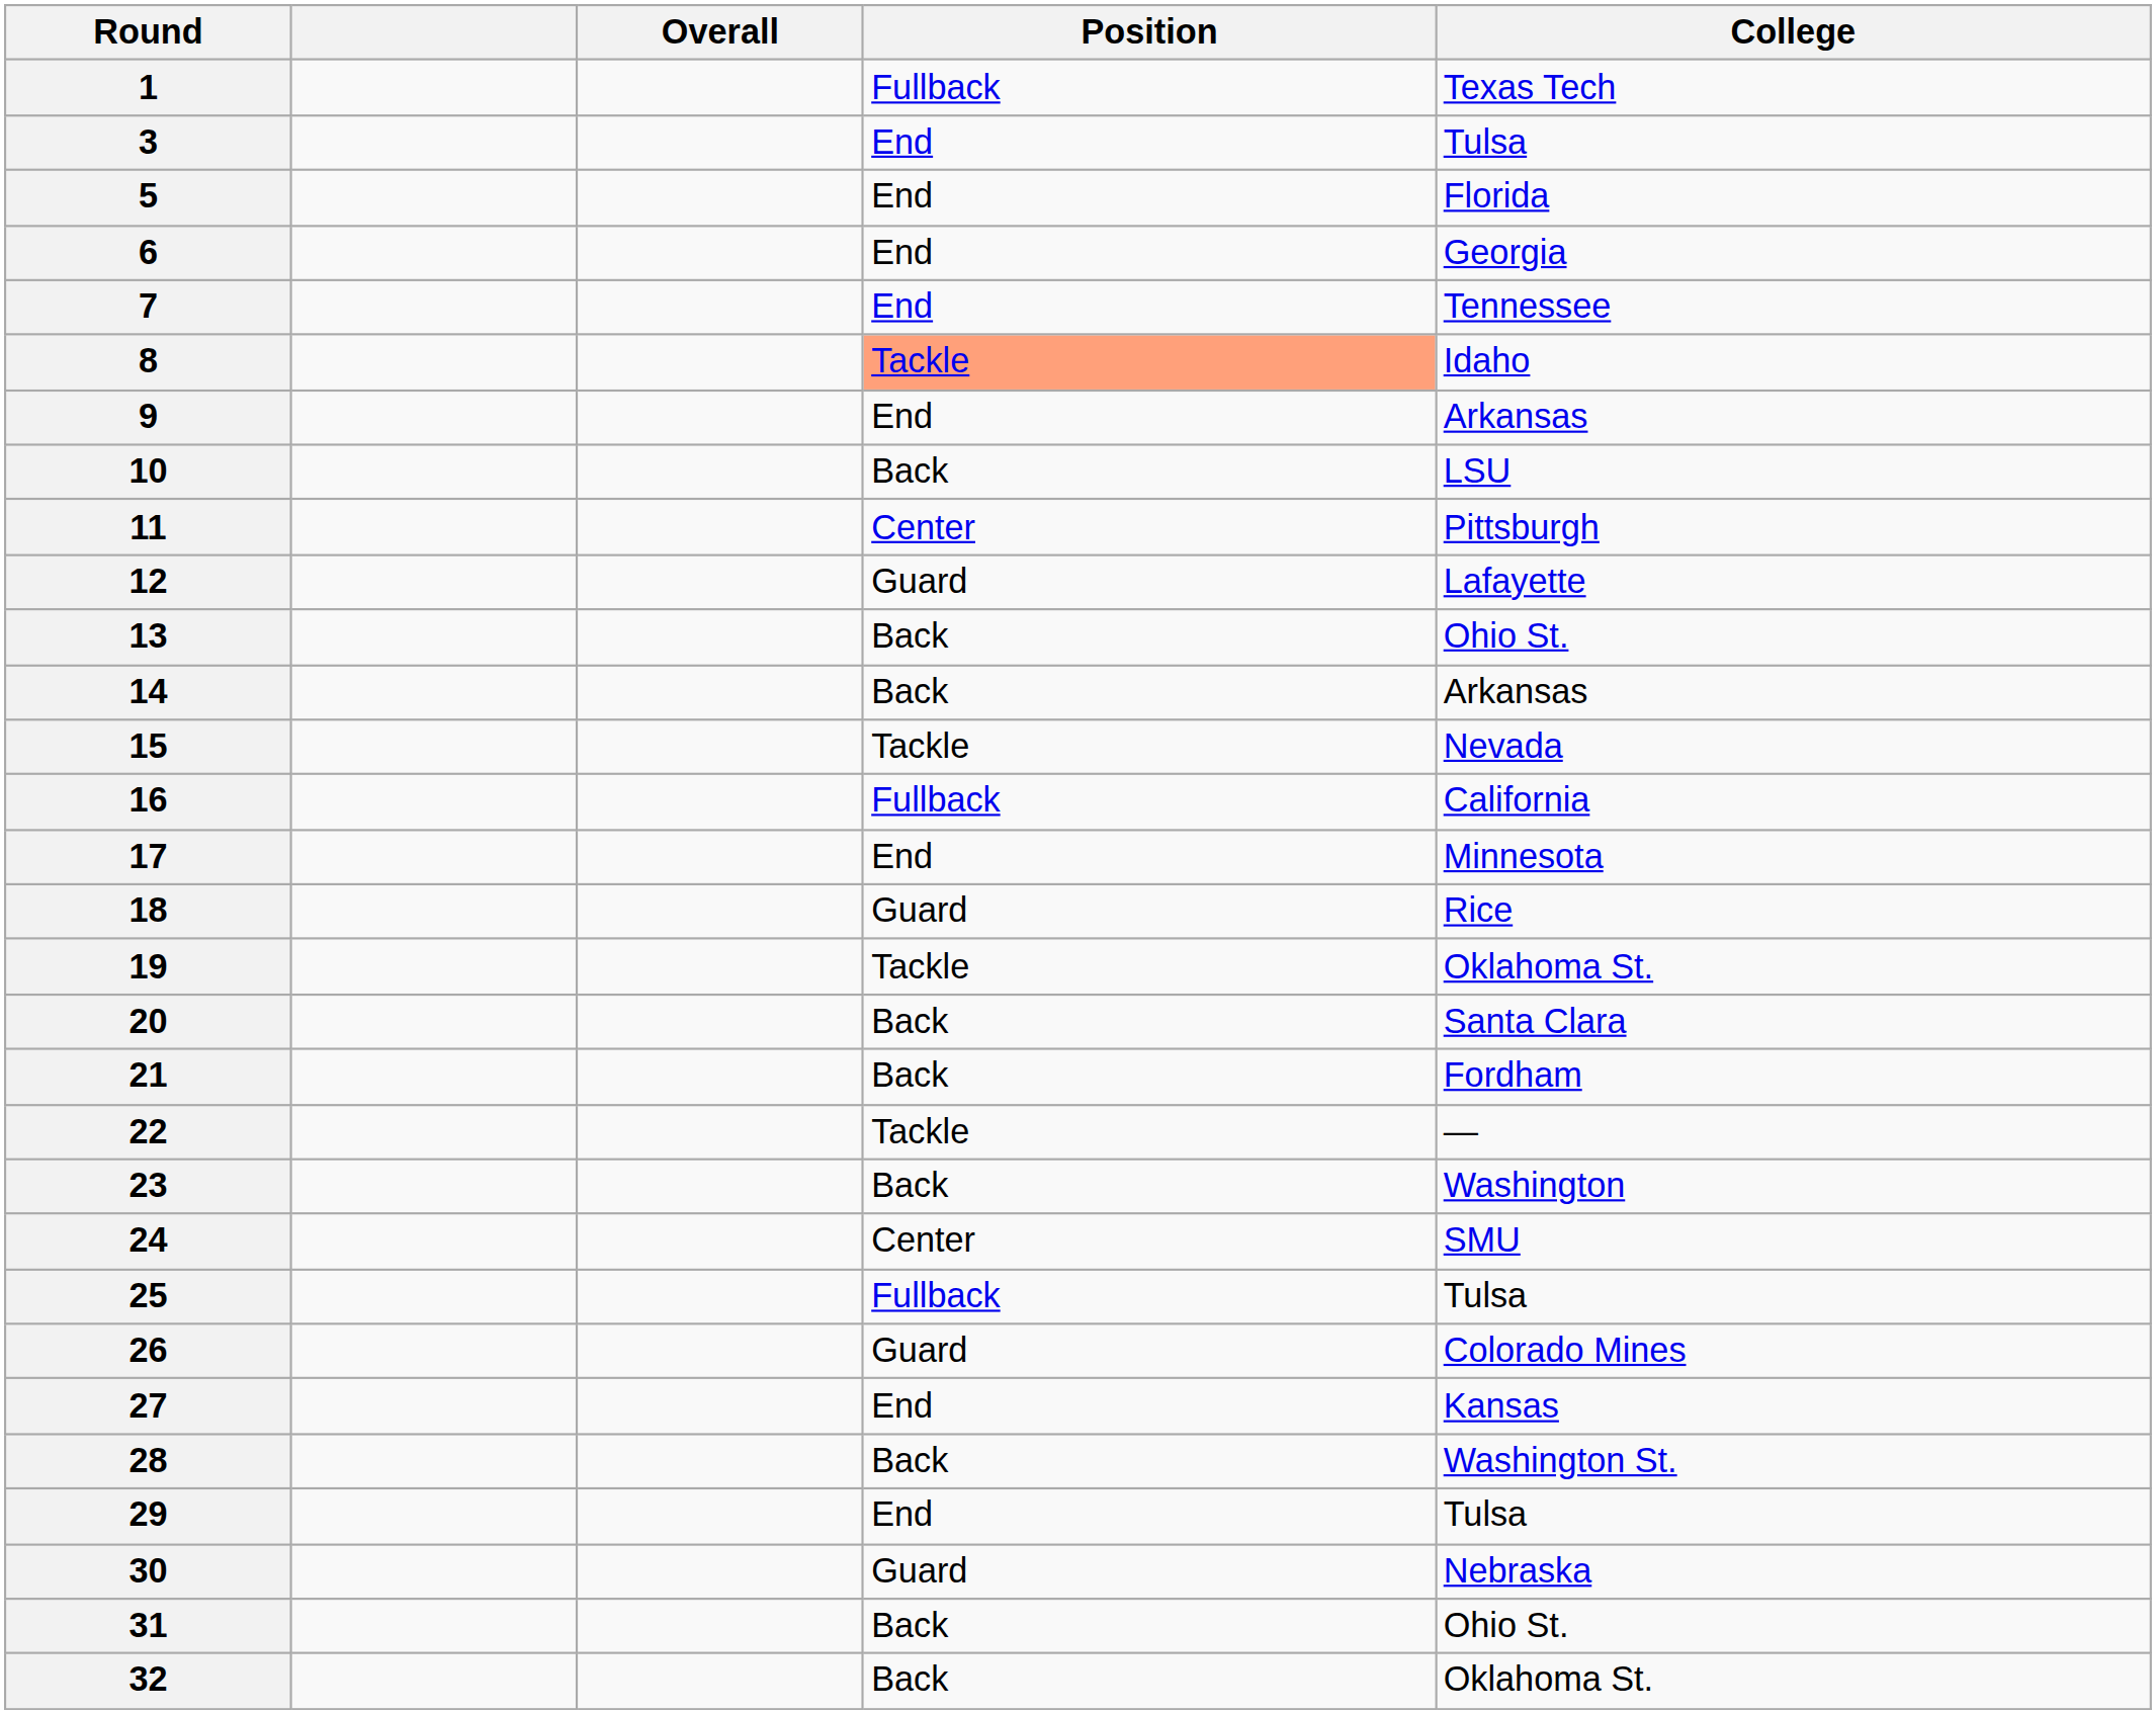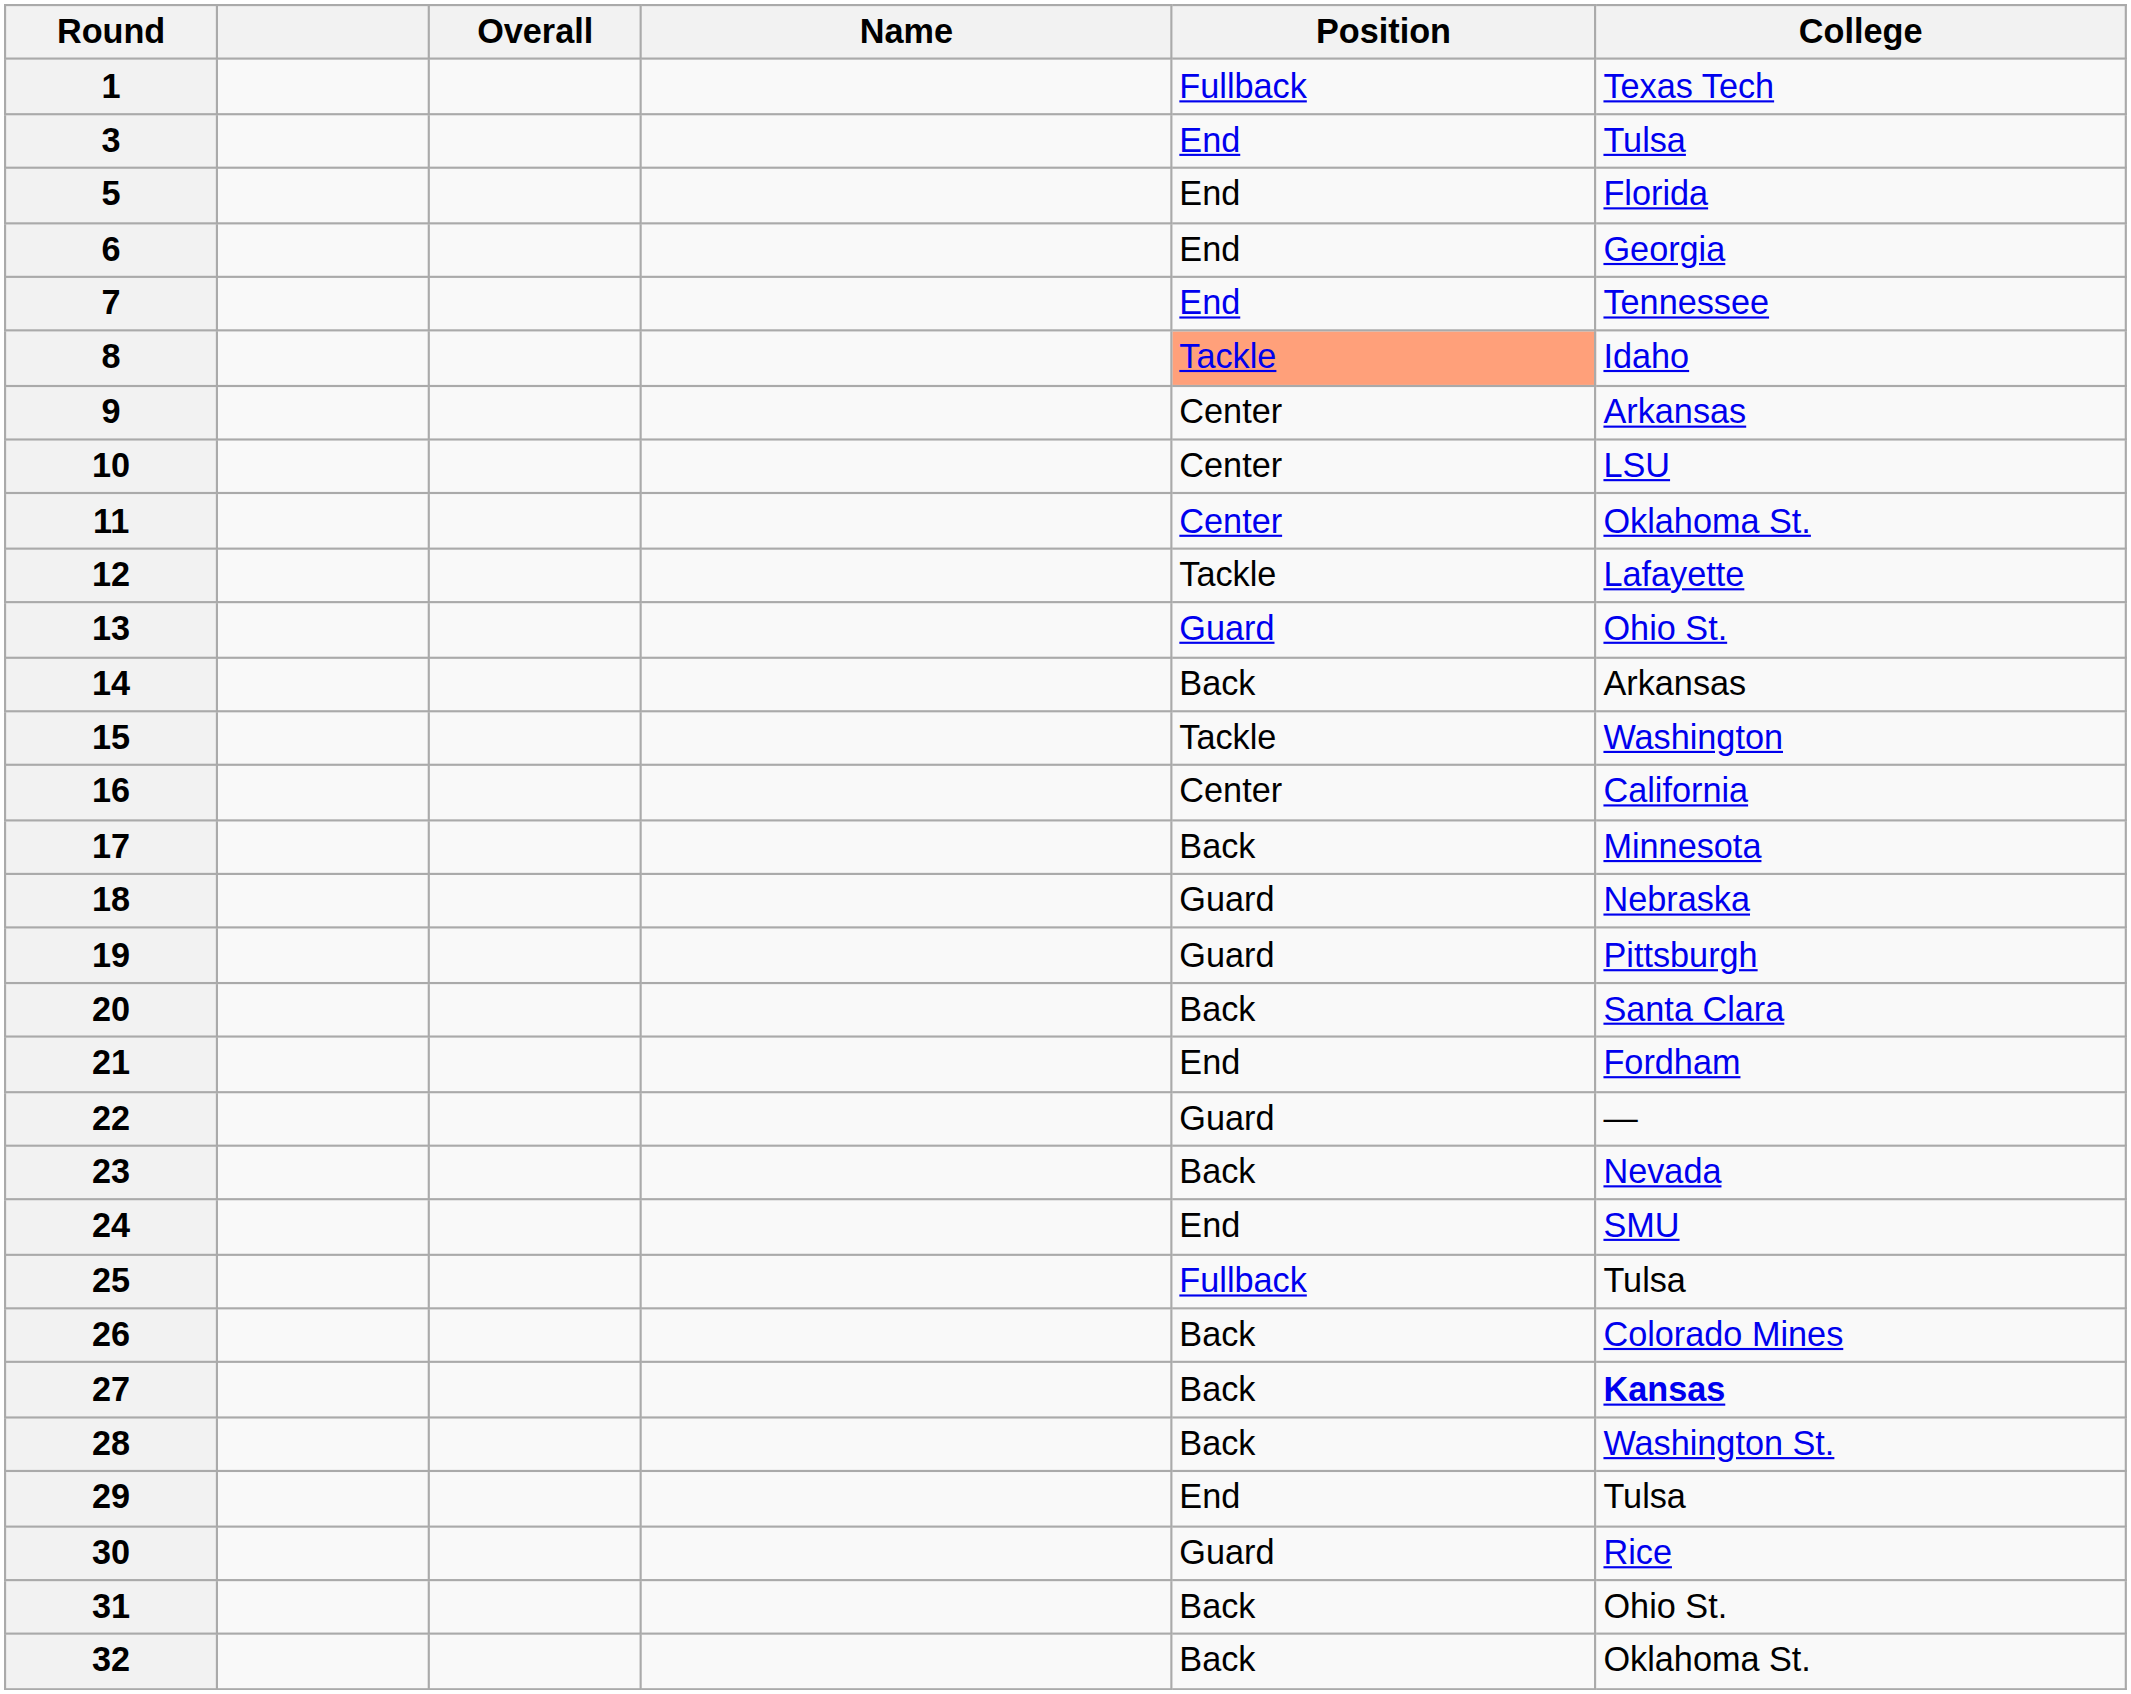 <table class="wikitable sortable" style="width: 50%;">
 <tr>
 <th scope="col" style="width: 10%;">Round</th>
 <th scope="col" style="width: 10%;"></th>
 <th scope="col" style="width: 10%;">Overall</th>
+<th scope="col" style="width: 25%;">Name</th>
 <th scope="col" style="width: 20%;">Position</th>
 <th scope="col" style="width: 25%;">College</th>
 </tr>
 <tr>
 <th scope="row">1</th>
+<td></td>
 <td></td>
 <td></td>
 <td><a href='#'>Fullback</a></td>
 <td><a href='#'>Texas Tech</a></td>
 </tr>
 <tr>
 <th scope="row">3</th>
 <td></td>
 <td></td>
+<td></td>
 <td><a href='#'>End</a></td>
 <td><a href='#'>Tulsa</a></td>
 </tr>
 <tr>
 <th scope="row">5</th>
+<td></td>
 <td></td>
 <td></td>
 <td>End</td>
 <td><a href='#'>Florida</a></td>
 </tr>
 <tr>
 <th scope="row">6</th>
 <td></td>
 <td></td>
+<td></td>
 <td>End</td>
 <td><a href='#'>Georgia</a></td>
 </tr>
 <tr>
 <th scope="row">7</th>
+<td></td>
 <td></td>
 <td></td>
 <td><a href='#'>End</a></td>
 <td><a href='#'>Tennessee</a></td>
 </tr>
 <tr>
 <th scope="row">8</th>
 <td></td>
 <td></td>
+<td></td>
 <td style="background: lightsalmon;"><a href='#'>Tackle</a></td>
 <td><a href='#'>Idaho</a></td>
 </tr>
 <tr>
 <th scope="row">9</th>
 <td></td>
 <td></td>
-<td>End</td>
+<td></td>
+<td>Center</td>
 <td><a href='#'>Arkansas</a></td>
 </tr>
 <tr>
 <th scope="row">10</th>
 <td></td>
 <td></td>
-<td>Back</td>
+<td></td>
+<td>Center</td>
 <td><a href='#'>LSU</a></td>
 </tr>
 <tr>
 <th scope="row">11</th>
 <td></td>
 <td></td>
+<td></td>
 <td><a href='#'>Center</a></td>
-<td><a href='#'>Pittsburgh</a></td>
+<td><a href='#'>Oklahoma St.</a></td>
 </tr>
 <tr>
 <th scope="row">12</th>
 <td></td>
 <td></td>
-<td>Guard</td>
+<td></td>
+<td>Tackle</td>
 <td><a href='#'>Lafayette</a></td>
 </tr>
 <tr>
 <th scope="row">13</th>
 <td></td>
 <td></td>
-<td>Back</td>
+<td></td>
+<td><a href='#'>Guard</a></td>
 <td><a href='#'>Ohio St.</a></td>
 </tr>
 <tr>
 <th scope="row">14</th>
+<td></td>
 <td></td>
 <td></td>
 <td>Back</td>
 <td>Arkansas</td>
 </tr>
 <tr>
 <th scope="row">15</th>
 <td></td>
 <td></td>
+<td></td>
 <td>Tackle</td>
-<td><a href='#'>Nevada</a></td>
+<td><a href='#'>Washington</a></td>
 </tr>
 <tr>
 <th scope="row">16</th>
 <td></td>
 <td></td>
-<td><a href='#'>Fullback</a></td>
+<td></td>
+<td>Center</td>
 <td><a href='#'>California</a></td>
 </tr>
 <tr>
 <th scope="row">17</th>
 <td></td>
 <td></td>
-<td>End</td>
+<td></td>
+<td>Back</td>
 <td><a href='#'>Minnesota</a></td>
 </tr>
 <tr>
 <th scope="row">18</th>
 <td></td>
 <td></td>
+<td></td>
 <td>Guard</td>
-<td><a href='#'>Rice</a></td>
+<td><a href='#'>Nebraska</a></td>
 </tr>
 <tr>
 <th scope="row">19</th>
 <td></td>
 <td></td>
-<td>Tackle</td>
-<td><a href='#'>Oklahoma St.</a></td>
+<td></td>
+<td>Guard</td>
+<td><a href='#'>Pittsburgh</a></td>
 </tr>
 <tr>
 <th scope="row">20</th>
+<td></td>
 <td></td>
 <td></td>
 <td>Back</td>
 <td><a href='#'>Santa Clara</a></td>
 </tr>
 <tr>
 <th scope="row">21</th>
 <td></td>
 <td></td>
-<td>Back</td>
+<td></td>
+<td>End</td>
 <td><a href='#'>Fordham</a></td>
 </tr>
 <tr>
 <th scope="row">22</th>
 <td></td>
 <td></td>
-<td>Tackle</td>
+<td></td>
+<td>Guard</td>
 <td>—</td>
 </tr>
 <tr>
 <th scope="row">23</th>
 <td></td>
 <td></td>
+<td></td>
 <td>Back</td>
-<td><a href='#'>Washington</a></td>
+<td><a href='#'>Nevada</a></td>
 </tr>
 <tr>
 <th scope="row">24</th>
 <td></td>
 <td></td>
-<td>Center</td>
+<td></td>
+<td>End</td>
 <td><a href='#'>SMU</a></td>
 </tr>
 <tr>
 <th scope="row">25</th>
+<td></td>
 <td></td>
 <td></td>
 <td><a href='#'>Fullback</a></td>
 <td>Tulsa</td>
 </tr>
 <tr>
 <th scope="row">26</th>
 <td></td>
 <td></td>
-<td>Guard</td>
+<td></td>
+<td>Back</td>
 <td><a href='#'>Colorado Mines</a></td>
 </tr>
 <tr>
 <th scope="row">27</th>
 <td></td>
 <td></td>
-<td>End</td>
-<td><a href='#'>Kansas</a></td>
+<td></td>
+<td>Back</td>
+<td><strong><a href='#'>Kansas</a></strong></td>
 </tr>
 <tr>
 <th scope="row">28</th>
+<td></td>
 <td></td>
 <td></td>
 <td>Back</td>
 <td><a href='#'>Washington St.</a></td>
 </tr>
 <tr>
 <th scope="row">29</th>
 <td></td>
 <td></td>
+<td></td>
 <td>End</td>
 <td>Tulsa</td>
 </tr>
 <tr>
 <th scope="row">30</th>
 <td></td>
 <td></td>
+<td></td>
 <td>Guard</td>
-<td><a href='#'>Nebraska</a></td>
+<td><a href='#'>Rice</a></td>
 </tr>
 <tr>
 <th scope="row">31</th>
+<td></td>
 <td></td>
 <td></td>
 <td>Back</td>
 <td>Ohio St.</td>
 </tr>
 <tr>
 <th scope="row">32</th>
 <td></td>
 <td></td>
+<td></td>
 <td>Back</td>
 <td>Oklahoma St.</td>
 </tr>
 </table>
